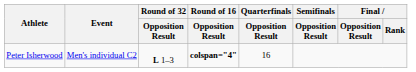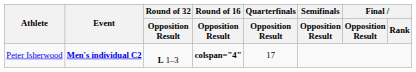 <table class=wikitable style="font-size:90%">
 <tr align=center>
 <th rowspan="2">Athlete</th>
 <th rowspan="2">Event</th>
 <th>Round of 32</th>
 <th>Round of 16</th>
 <th>Quarterfinals</th>
 <th>Semifinals</th>
 <th colspan="2">Final / </th>
 </tr>
 <tr>
 <th>Opposition<br>Result</th>
 <th>Opposition<br>Result</th>
 <th>Opposition<br>Result</th>
 <th>Opposition<br>Result</th>
 <th>Opposition<br>Result</th>
 <th>Rank</th>
 </tr>
 <tr align=center>
 <td align=left><a href='#'>Peter Isherwood</a></td>
-<td align=left><a href='#'>Men's individual C2</a></td>
+<td align=left><strong><a href='#'>Men's individual C2</a></strong></td>
 <td><br><strong>L</strong> 1–3</td>
 <td><strong>colspan="4" </strong></td>
-<td>16</td>
+<td>17</td>
 </tr>
 </table>
